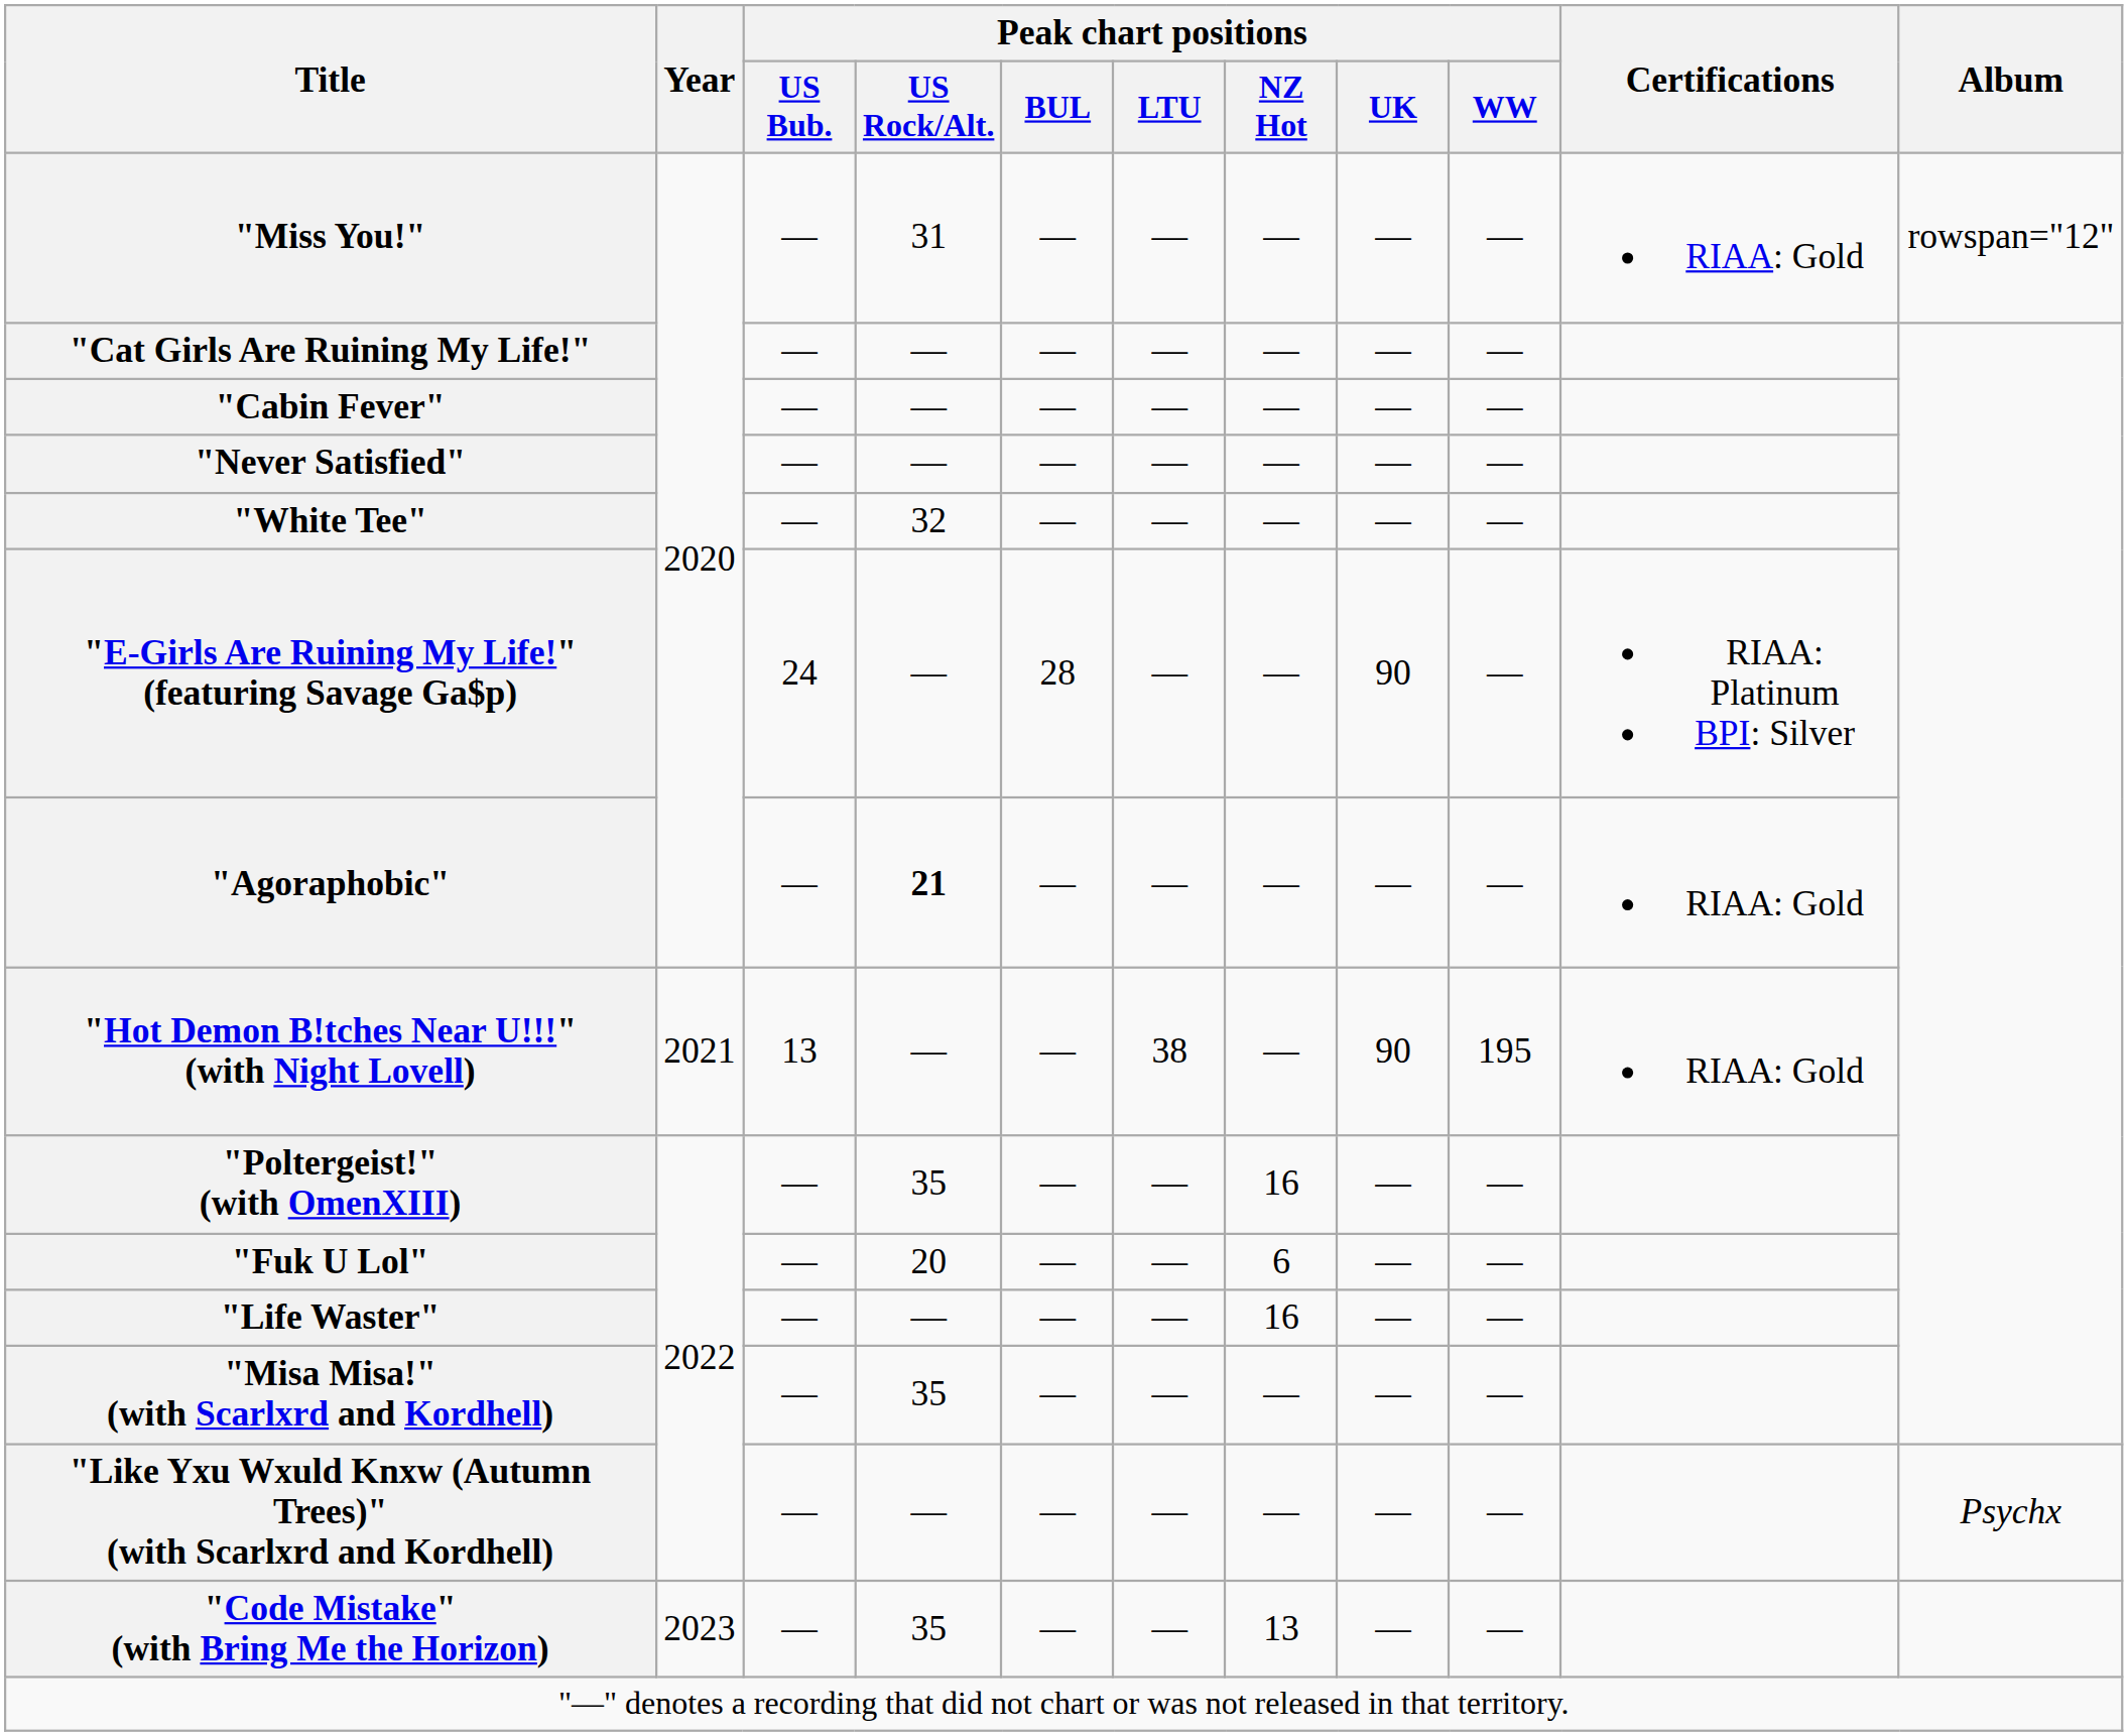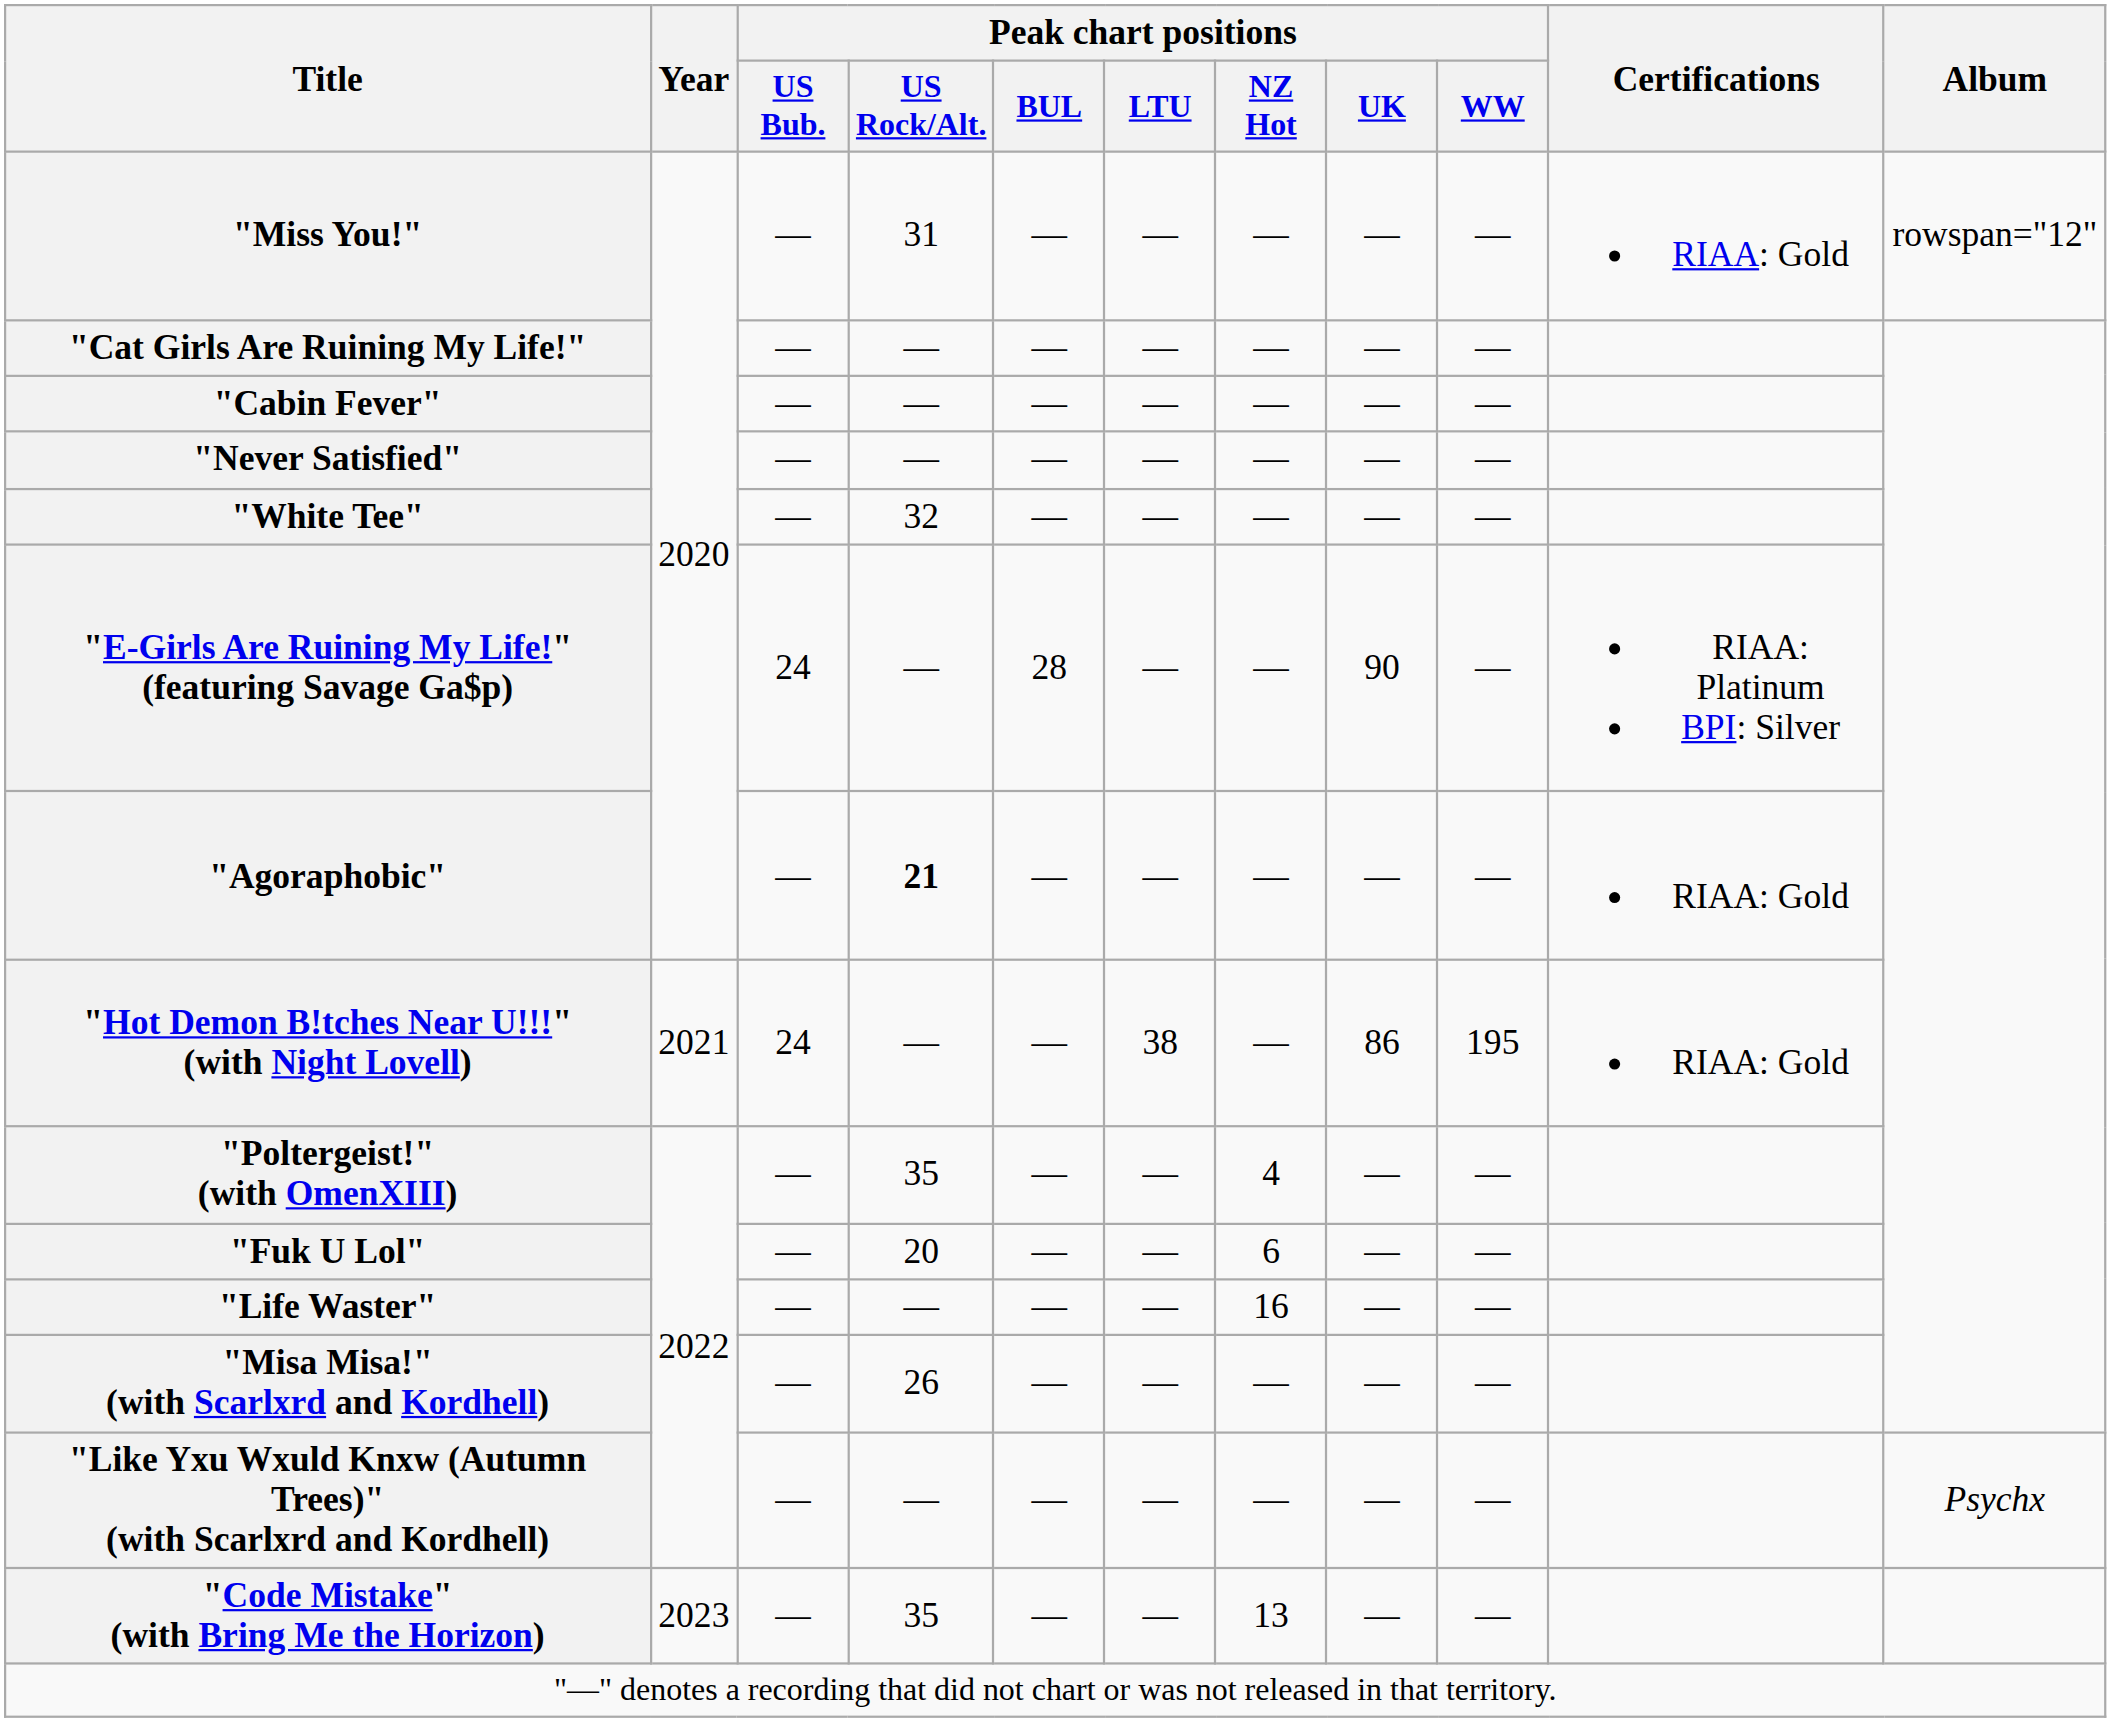 <table class="wikitable plainrowheaders" style="text-align:center;">
 <tr>
 <th scope="col" rowspan="2" style="width:17.7em;">Title</th>
 <th scope="col" rowspan="2" style="width:1.5em;">Year</th>
 <th scope="col" colspan="7" style="width:8em;">Peak chart positions</th>
 <th scope="col" rowspan="2" style="width:9em;">Certifications</th>
 <th scope="col" rowspan="2" style="width:5em;">Album</th>
 </tr>
 <tr>
 <th scope="col" style="width:3em;font-size:90%;"><a href='#'>US<br>Bub.</a><br></th>
 <th scope="col" style="width:3em;font-size:90%;"><a href='#'>US<br>Rock/Alt.</a><br></th>
 <th scope="col" style="width:3em;font-size:90%;"><a href='#'>BUL</a><br></th>
 <th scope="col" style="width:3em;font-size:90%;"><a href='#'>LTU</a><br></th>
 <th scope="col" style="width:3em;font-size:90%;"><a href='#'>NZ<br>Hot</a><br></th>
 <th scope="col" style="width:3em;font-size:90%;"><a href='#'>UK</a><br></th>
 <th scope="col" style="width:3em;font-size:90%;"><a href='#'>WW</a><br></th>
 </tr>
 <tr>
 <th scope="row">"Miss You!"</th>
 <td rowspan="7">2020</td>
 <td>—</td>
 <td>31</td>
 <td>—</td>
 <td>—</td>
 <td>—</td>
 <td>—</td>
 <td>—</td>
 <td><br><ul><li><a href='#'>RIAA</a>: Gold</li></ul></td>
 <td>rowspan="12" </td>
 </tr>
 <tr>
 <th scope="row">"Cat Girls Are Ruining My Life!"</th>
 <td>—</td>
 <td>—</td>
 <td>—</td>
 <td>—</td>
 <td>—</td>
 <td>—</td>
 <td>—</td>
 <td></td>
 </tr>
 <tr>
 <th scope="row">"Cabin Fever"</th>
 <td>—</td>
 <td>—</td>
 <td>—</td>
 <td>—</td>
 <td>—</td>
 <td>—</td>
 <td>—</td>
 <td></td>
 </tr>
 <tr>
 <th scope="row">"Never Satisfied"</th>
 <td>—</td>
 <td>—</td>
 <td>—</td>
 <td>—</td>
 <td>—</td>
 <td>—</td>
 <td>—</td>
 <td></td>
 </tr>
 <tr>
 <th scope="row">"White Tee"</th>
 <td>—</td>
 <td>32</td>
 <td>—</td>
 <td>—</td>
 <td>—</td>
 <td>—</td>
 <td>—</td>
 <td></td>
 </tr>
 <tr>
 <th scope="row">"<a href='#'>E-Girls Are Ruining My Life!</a>"<br><span>(featuring Savage Ga$p)</span></th>
 <td>24</td>
 <td>—</td>
 <td>28</td>
 <td>—</td>
 <td>—</td>
 <td>90</td>
 <td>—</td>
 <td><br><ul><li>RIAA: Platinum</li><li><a href='#'>BPI</a>: Silver</li></ul></td>
 </tr>
 <tr>
 <th scope="row">"Agoraphobic"</th>
 <td>—</td>
 <td><strong>21</strong></td>
 <td>—</td>
 <td>—</td>
 <td>—</td>
 <td>—</td>
 <td>—</td>
 <td><br><ul><li>RIAA: Gold</li></ul></td>
 </tr>
 <tr>
 <th scope="row">"<a href='#'>Hot Demon B!tches Near U!&excl;!</a>"<br><span>(with <a href='#'>Night Lovell</a>)</span></th>
 <td>2021</td>
-<td>13</td>
+<td>24</td>
 <td>—</td>
 <td>—</td>
 <td>38</td>
 <td>—</td>
-<td>90</td>
+<td>86</td>
 <td>195</td>
 <td><br><ul><li>RIAA: Gold</li></ul></td>
 </tr>
 <tr>
 <th scope="row">"Poltergeist!"<br><span>(with <a href='#'>OmenXIII</a>)</span></th>
 <td rowspan="5">2022</td>
 <td>—</td>
 <td>35</td>
 <td>—</td>
 <td>—</td>
-<td>16</td>
+<td>4</td>
 <td>—</td>
 <td>—</td>
 <td></td>
 </tr>
 <tr>
 <th scope="row">"Fuk U Lol"</th>
 <td>—</td>
 <td>20</td>
 <td>—</td>
 <td>—</td>
 <td>6</td>
 <td>—</td>
 <td>—</td>
 <td></td>
 </tr>
 <tr>
 <th scope="row">"Life Waster"</th>
 <td>—</td>
 <td>—</td>
 <td>—</td>
 <td>—</td>
 <td>16</td>
 <td>—</td>
 <td>—</td>
 <td></td>
 </tr>
 <tr>
 <th scope="row">"Misa Misa!"<br><span>(with <a href='#'>Scarlxrd</a> and <a href='#'>Kordhell</a>)</span></th>
 <td>—</td>
-<td>35</td>
+<td>26</td>
 <td>—</td>
 <td>—</td>
 <td>—</td>
 <td>—</td>
 <td>—</td>
 <td></td>
 </tr>
 <tr>
 <th scope="row">"Like Yxu Wxuld Knxw (Autumn Trees)"<br><span>(with Scarlxrd and Kordhell)</span></th>
 <td>—</td>
 <td>—</td>
 <td>—</td>
 <td>—</td>
 <td>—</td>
 <td>—</td>
 <td>—</td>
 <td></td>
 <td><em>Psychx</em></td>
 </tr>
 <tr>
 <th scope="row">"<a href='#'>Code Mistake</a>"<br><span>(with <a href='#'>Bring Me the Horizon</a>)</span></th>
 <td>2023</td>
 <td>—</td>
 <td>35</td>
 <td>—</td>
 <td>—</td>
 <td>13</td>
 <td>—</td>
 <td>—</td>
 <td></td>
 <td></td>
 </tr>
 <tr>
 <td colspan="11" style="font-size:90%">"—" denotes a recording that did not chart or was not released in that territory.</td>
 </tr>
 </table>
